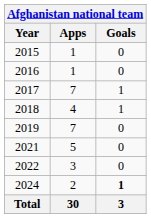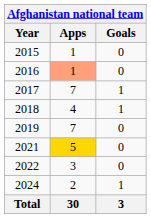 <table class="wikitable" style="text-align:center">
 <tr>
 <th colspan="3"><a href='#'>Afghanistan national team</a></th>
 </tr>
 <tr>
 <th>Year</th>
 <th>Apps</th>
 <th>Goals</th>
 </tr>
 <tr>
 <td>2015</td>
 <td>1</td>
 <td>0</td>
 </tr>
 <tr>
 <td>2016</td>
-<td>1</td>
+<td style="background: lightsalmon;">1</td>
 <td>0</td>
 </tr>
 <tr>
 <td>2017</td>
 <td>7</td>
 <td>1</td>
 </tr>
 <tr>
 <td>2018</td>
 <td>4</td>
 <td>1</td>
 </tr>
 <tr>
 <td>2019</td>
 <td>7</td>
 <td>0</td>
 </tr>
 <tr>
 <td>2021</td>
-<td>5</td>
+<td style="background: gold;">5</td>
 <td>0</td>
 </tr>
 <tr>
 <td>2022</td>
 <td>3</td>
 <td>0</td>
 </tr>
 <tr>
 <td>2024</td>
 <td>2</td>
-<td><strong>1</strong></td>
+<td>1</td>
 </tr>
 <tr>
 <th>Total</th>
 <th>30</th>
 <th>3</th>
 </tr>
 </table>
